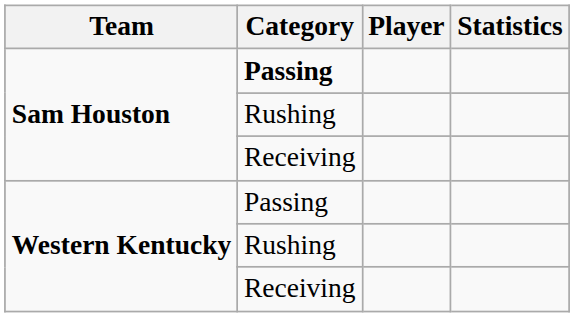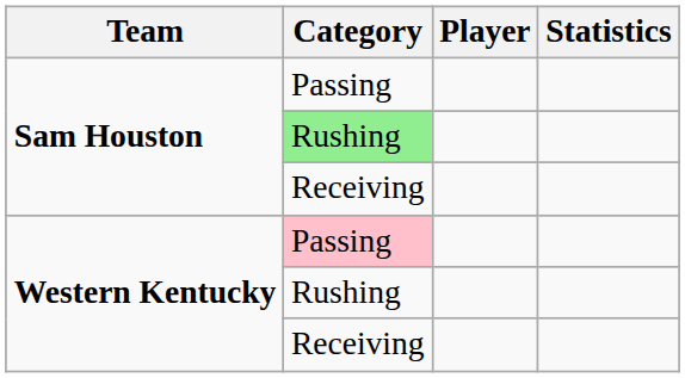 <table class="wikitable" style="float: right;">
 <tr>
 <th>Team</th>
 <th>Category</th>
 <th>Player</th>
 <th>Statistics</th>
 </tr>
 <tr>
 <td rowspan=3><strong>Sam Houston</strong></td>
-<td><strong>Passing</strong></td>
+<td>Passing</td>
 <td></td>
 <td></td>
 </tr>
 <tr>
-<td>Rushing</td>
+<td style="background: lightgreen;">Rushing</td>
 <td></td>
 <td></td>
 </tr>
 <tr>
 <td>Receiving</td>
 <td></td>
 <td></td>
 </tr>
 <tr>
 <td rowspan=3><strong>Western Kentucky</strong></td>
-<td>Passing</td>
+<td style="background: pink;">Passing</td>
 <td></td>
 <td></td>
 </tr>
 <tr>
 <td>Rushing</td>
 <td></td>
 <td></td>
 </tr>
 <tr>
 <td>Receiving</td>
 <td></td>
 <td></td>
 </tr>
 </table>
